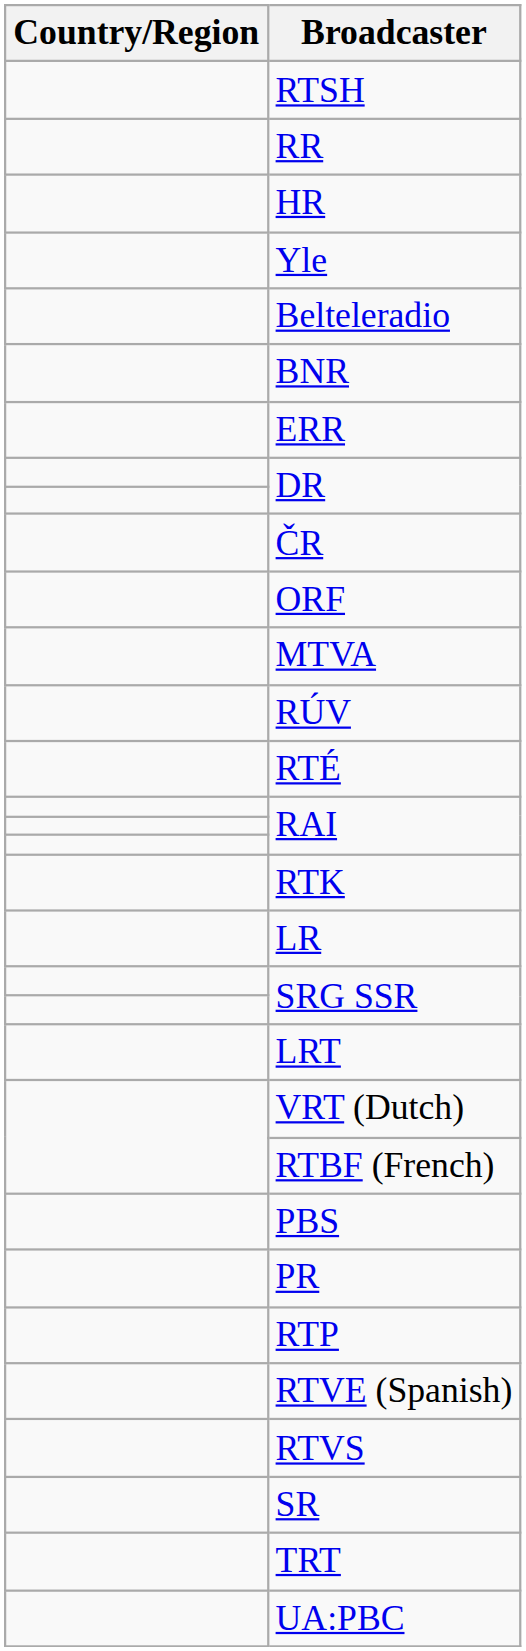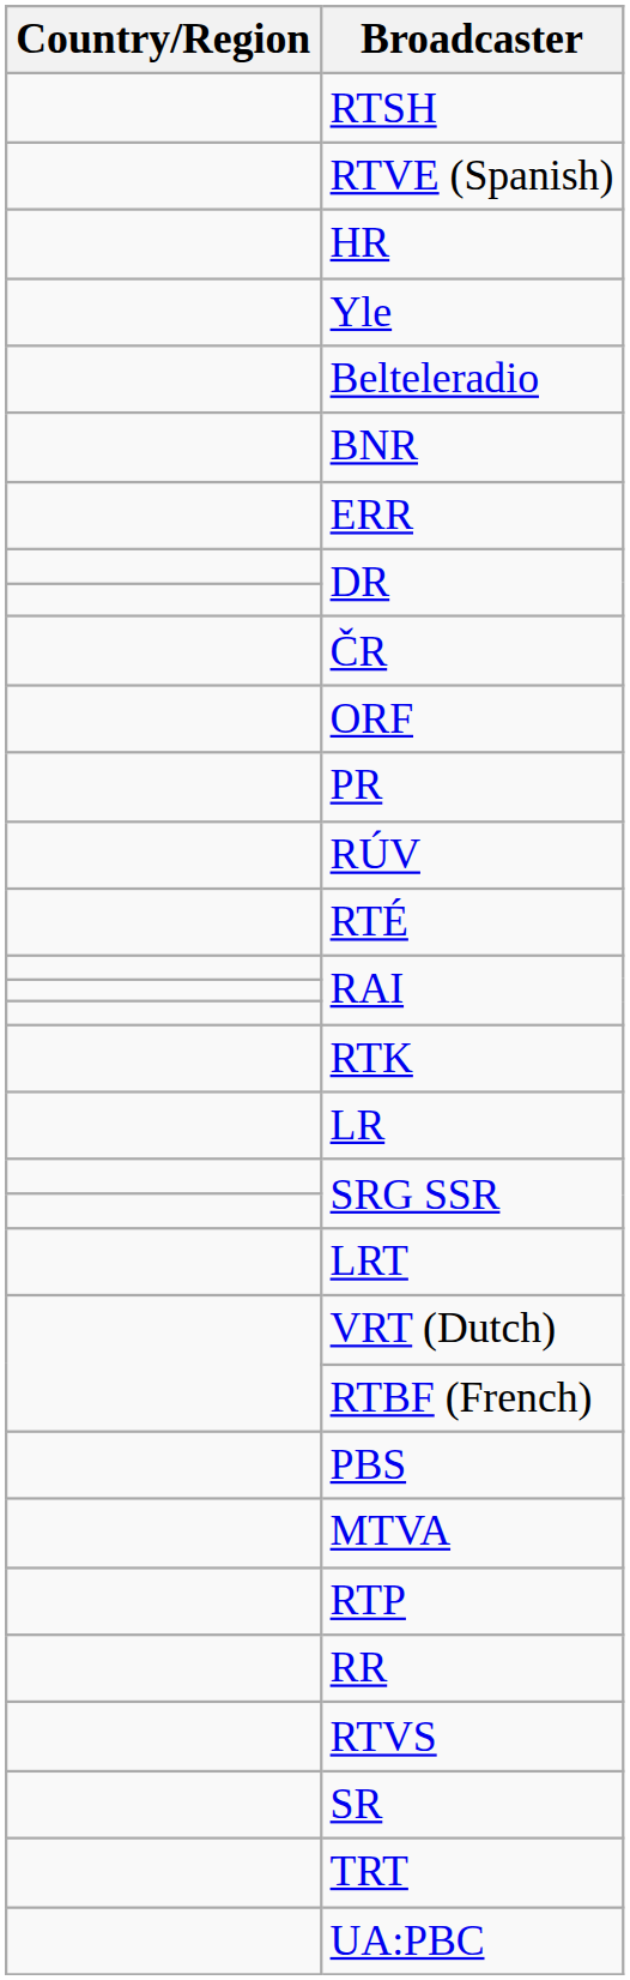 <table class="wikitable">
 <tr>
 <th>Country/Region</th>
 <th>Broadcaster</th>
 </tr>
 <tr>
 <td></td>
 <td><a href='#'>RTSH</a></td>
 </tr>
 <tr>
 <td></td>
-<td><a href='#'>RR</a></td>
+<td><a href='#'>RTVE</a> (Spanish)</td>
 </tr>
 <tr>
 <td></td>
 <td><a href='#'>HR</a></td>
 </tr>
 <tr>
 <td></td>
 <td><a href='#'>Yle</a></td>
 </tr>
 <tr>
 <td></td>
 <td><a href='#'>Belteleradio</a></td>
 </tr>
 <tr>
 <td></td>
 <td><a href='#'>BNR</a></td>
 </tr>
 <tr>
 <td></td>
 <td><a href='#'>ERR</a></td>
 </tr>
 <tr>
 <td></td>
 <td rowspan="2"><a href='#'>DR</a></td>
 </tr>
 <tr>
 <td></td>
 </tr>
 <tr>
 <td></td>
 <td><a href='#'>ČR</a></td>
 </tr>
 <tr>
 <td></td>
 <td><a href='#'>ORF</a></td>
 </tr>
 <tr>
 <td></td>
-<td><a href='#'>MTVA</a></td>
+<td><a href='#'>PR</a></td>
 </tr>
 <tr>
 <td></td>
 <td><a href='#'>RÚV</a></td>
 </tr>
 <tr>
 <td></td>
 <td><a href='#'>RTÉ</a></td>
 </tr>
 <tr>
 <td></td>
 <td rowspan="3"><a href='#'>RAI</a></td>
 </tr>
 <tr>
 <td></td>
 </tr>
 <tr>
 <td></td>
 </tr>
 <tr>
 <td></td>
 <td><a href='#'>RTK</a></td>
 </tr>
 <tr>
 <td></td>
 <td><a href='#'>LR</a></td>
 </tr>
 <tr>
 <td></td>
 <td rowspan="2"><a href='#'>SRG SSR</a></td>
 </tr>
 <tr>
 <td></td>
 </tr>
 <tr>
 <td></td>
 <td><a href='#'>LRT</a></td>
 </tr>
 <tr>
 <td rowspan="2"></td>
 <td><a href='#'>VRT</a> (Dutch)</td>
 </tr>
 <tr>
 <td><a href='#'>RTBF</a> (French)</td>
 </tr>
 <tr>
 <td></td>
 <td><a href='#'>PBS</a></td>
 </tr>
 <tr>
 <td></td>
-<td><a href='#'>PR</a></td>
+<td><a href='#'>MTVA</a></td>
 </tr>
 <tr>
 <td></td>
 <td><a href='#'>RTP</a></td>
 </tr>
 <tr>
 <td></td>
-<td><a href='#'>RTVE</a> (Spanish)</td>
+<td><a href='#'>RR</a></td>
 </tr>
 <tr>
 <td></td>
 <td><a href='#'>RTVS</a></td>
 </tr>
 <tr>
 <td></td>
 <td><a href='#'>SR</a></td>
 </tr>
 <tr>
 <td></td>
 <td><a href='#'>TRT</a></td>
 </tr>
 <tr>
 <td></td>
 <td><a href='#'>UA:PBC</a></td>
 </tr>
 </table>
